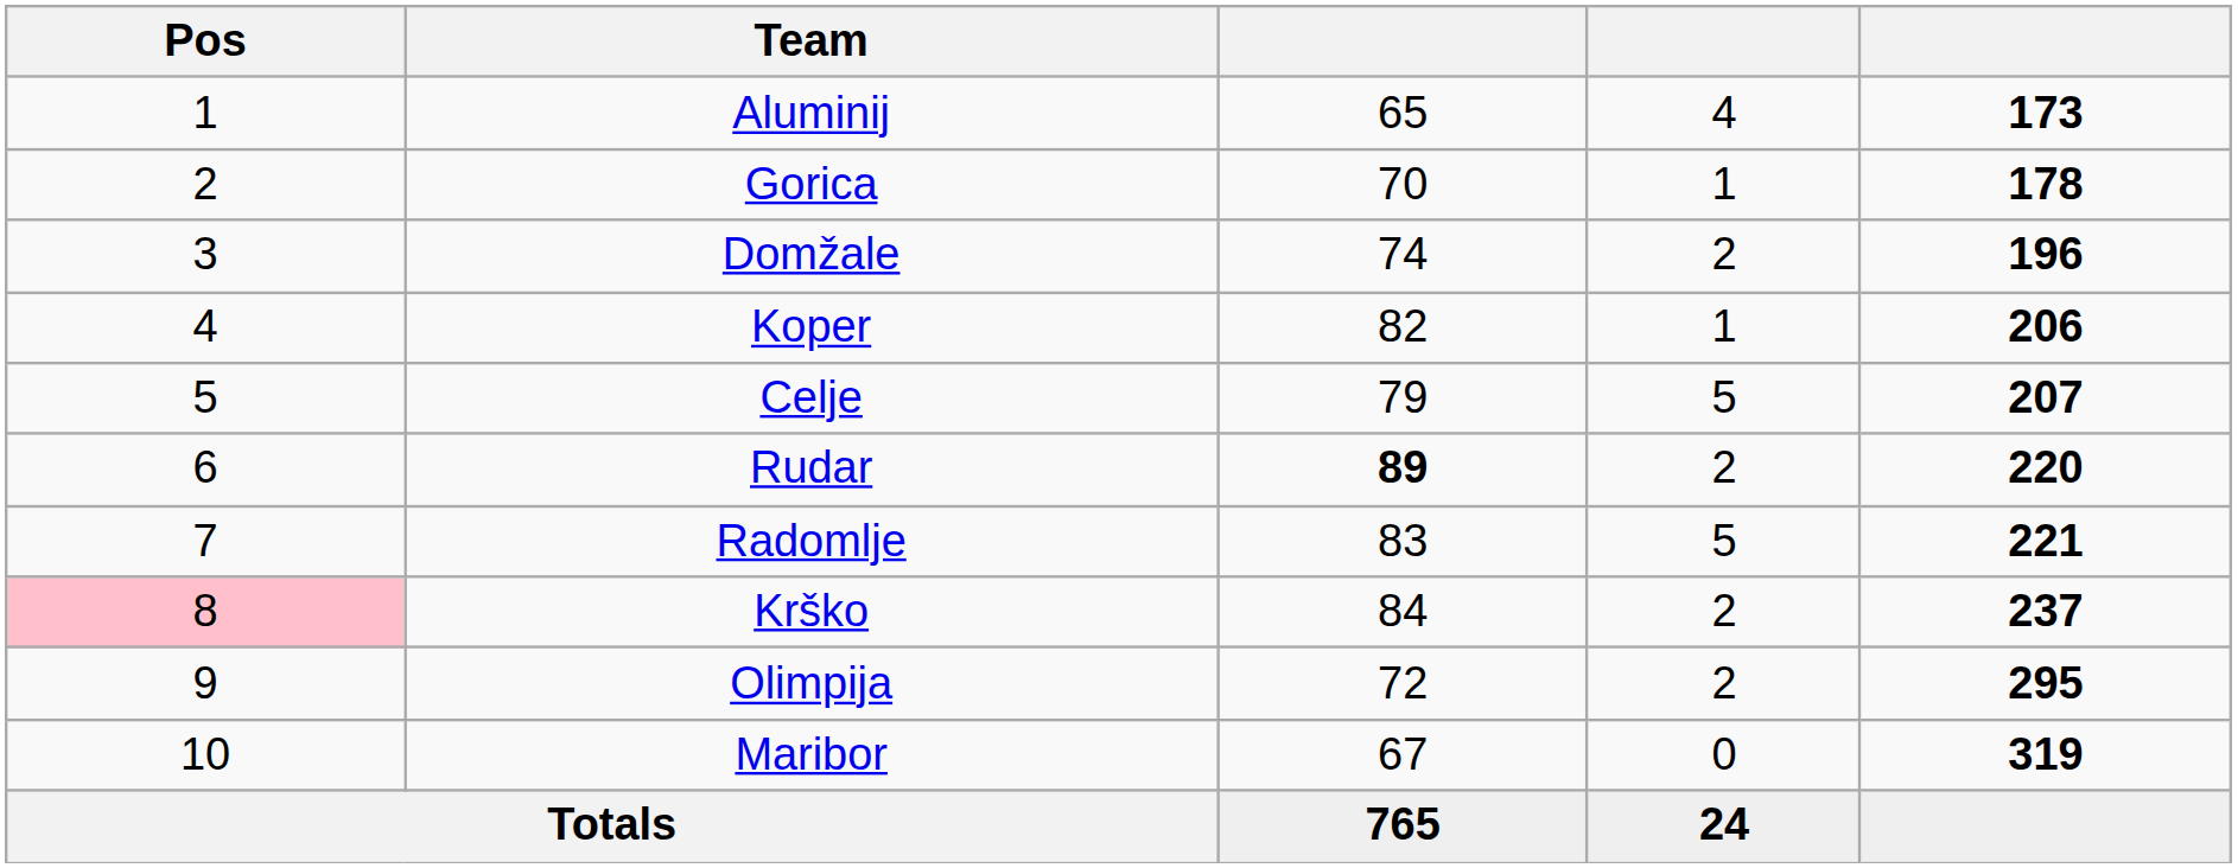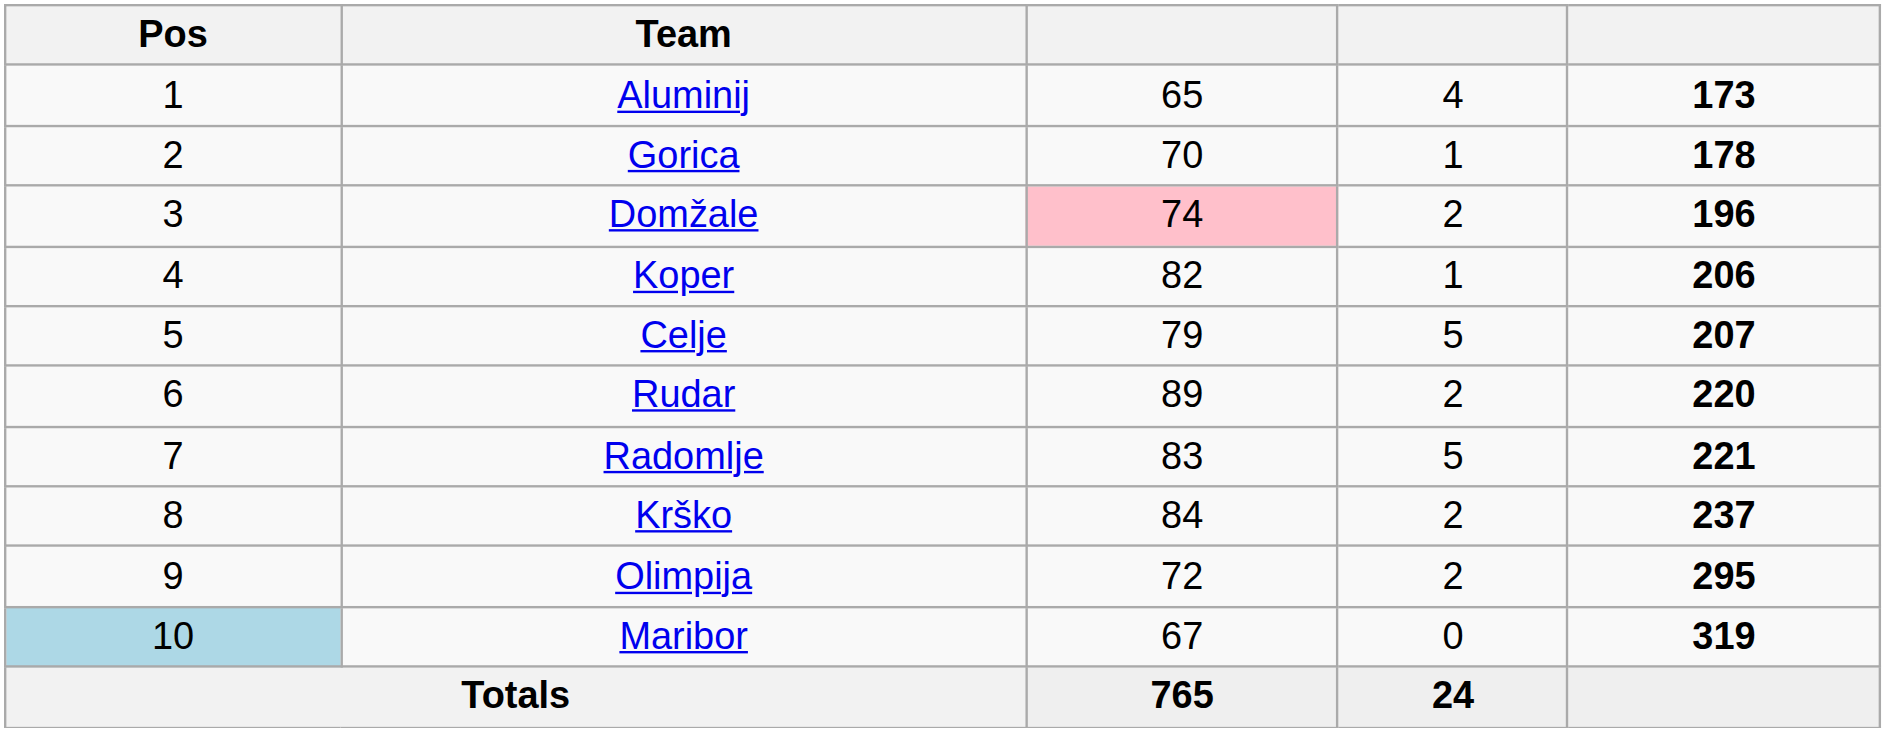 <table class="wikitable" style="text-align:center; width:50%">
 <tr>
 <th>Pos</th>
 <th>Team</th>
 <th></th>
 <th></th>
 <th></th>
 </tr>
 <tr>
 <td>1</td>
 <td><a href='#'>Aluminij</a></td>
 <td>65</td>
 <td>4</td>
 <td><strong>173</strong></td>
 </tr>
 <tr>
 <td>2</td>
 <td><a href='#'>Gorica</a></td>
 <td>70</td>
 <td>1</td>
 <td><strong>178</strong></td>
 </tr>
 <tr>
 <td>3</td>
 <td><a href='#'>Domžale</a></td>
-<td>74</td>
+<td style="background: pink;">74</td>
 <td>2</td>
 <td><strong>196</strong></td>
 </tr>
 <tr>
 <td>4</td>
 <td><a href='#'>Koper</a></td>
 <td>82</td>
 <td>1</td>
 <td><strong>206</strong></td>
 </tr>
 <tr>
 <td>5</td>
 <td><a href='#'>Celje</a></td>
 <td>79</td>
 <td>5</td>
 <td><strong>207</strong></td>
 </tr>
 <tr>
 <td>6</td>
 <td><a href='#'>Rudar</a></td>
-<td><strong>89</strong></td>
+<td>89</td>
 <td>2</td>
 <td><strong>220</strong></td>
 </tr>
 <tr>
 <td>7</td>
 <td><a href='#'>Radomlje</a></td>
 <td>83</td>
 <td>5</td>
 <td><strong>221</strong></td>
 </tr>
 <tr>
-<td style="background: pink;">8</td>
+<td>8</td>
 <td><a href='#'>Krško</a></td>
 <td>84</td>
 <td>2</td>
 <td><strong>237</strong></td>
 </tr>
 <tr>
 <td>9</td>
 <td><a href='#'>Olimpija</a></td>
 <td>72</td>
 <td>2</td>
 <td><strong>295</strong></td>
 </tr>
 <tr>
-<td>10</td>
+<td style="background: lightblue;">10</td>
 <td><a href='#'>Maribor</a></td>
 <td>67</td>
 <td>0</td>
 <td><strong>319</strong></td>
 </tr>
 <tr bgcolor="#EFEFEF">
 <th colspan="2" style="width:85px;">Totals</th>
 <td><strong>765</strong></td>
 <td><strong>24</strong></td>
 <td></td>
 </tr>
 </table>
